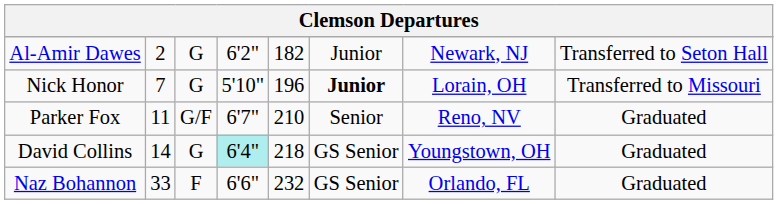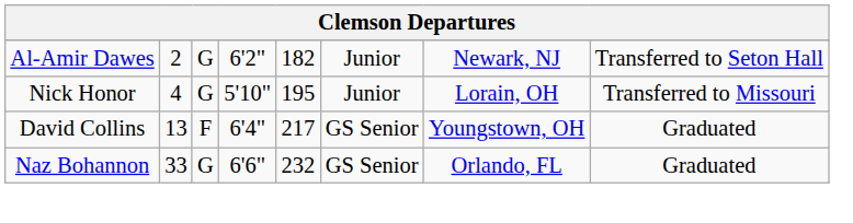 <table class="wikitable sortable" border="1" style="text-align: center;">
 <tr>
 <th colspan=8>Clemson Departures</th>
 </tr>
 <tr align=center>
 </tr>
 <tr>
 <td><a href='#'>Al-Amir Dawes</a></td>
 <td>2</td>
 <td>G</td>
 <td>6'2"</td>
 <td>182</td>
 <td>Junior</td>
 <td><a href='#'>Newark, NJ</a></td>
 <td>Transferred to <a href='#'>Seton Hall</a></td>
 </tr>
 <tr>
 <td>Nick Honor</td>
-<td>7</td>
+<td>4</td>
 <td>G</td>
 <td>5'10"</td>
-<td>196</td>
-<td><strong> Junior</strong></td>
+<td>195</td>
+<td> Junior</td>
 <td><a href='#'>Lorain, OH</a></td>
 <td>Transferred to <a href='#'>Missouri</a></td>
 </tr>
 <tr>
-<td>Parker Fox</td>
-<td>11</td>
-<td>G/F</td>
-<td>6'7"</td>
-<td>210</td>
-<td>Senior</td>
-<td><a href='#'>Reno, NV</a></td>
-<td>Graduated</td>
-</tr>
-<tr>
 <td>David Collins</td>
-<td>14</td>
-<td>G</td>
-<td style="background: paleturquoise;">6'4"</td>
-<td>218</td>
+<td>13</td>
+<td>F</td>
+<td>6'4"</td>
+<td>217</td>
 <td>GS Senior</td>
 <td><a href='#'>Youngstown, OH</a></td>
 <td>Graduated</td>
 </tr>
 <tr>
 <td><a href='#'>Naz Bohannon</a></td>
 <td>33</td>
-<td>F</td>
+<td>G</td>
 <td>6'6"</td>
 <td>232</td>
 <td>GS Senior</td>
 <td><a href='#'>Orlando, FL</a></td>
 <td>Graduated</td>
 </tr>
 </table>
